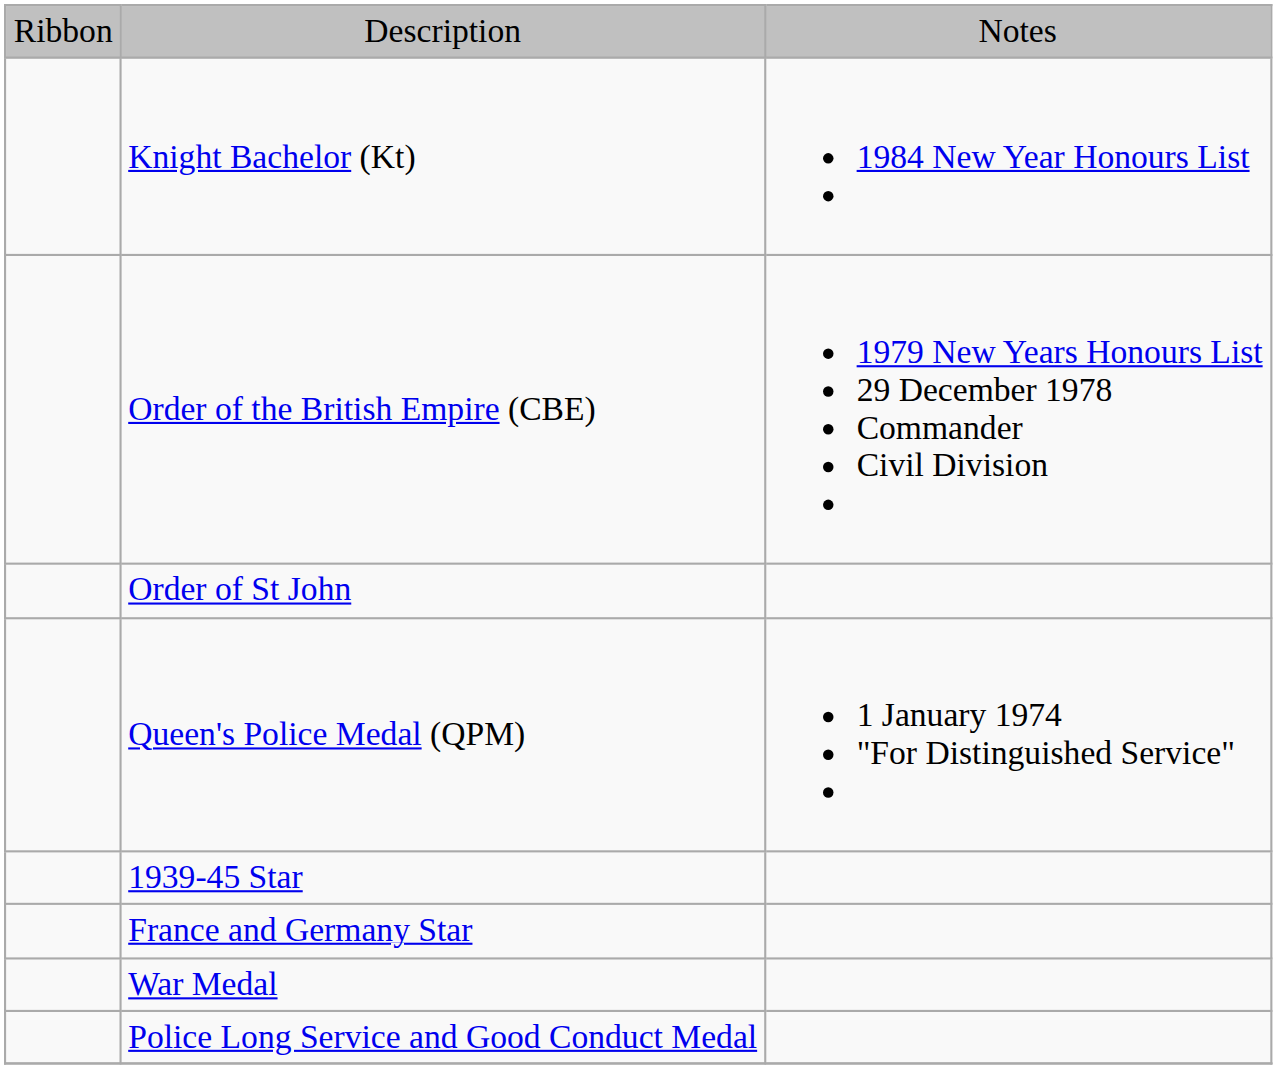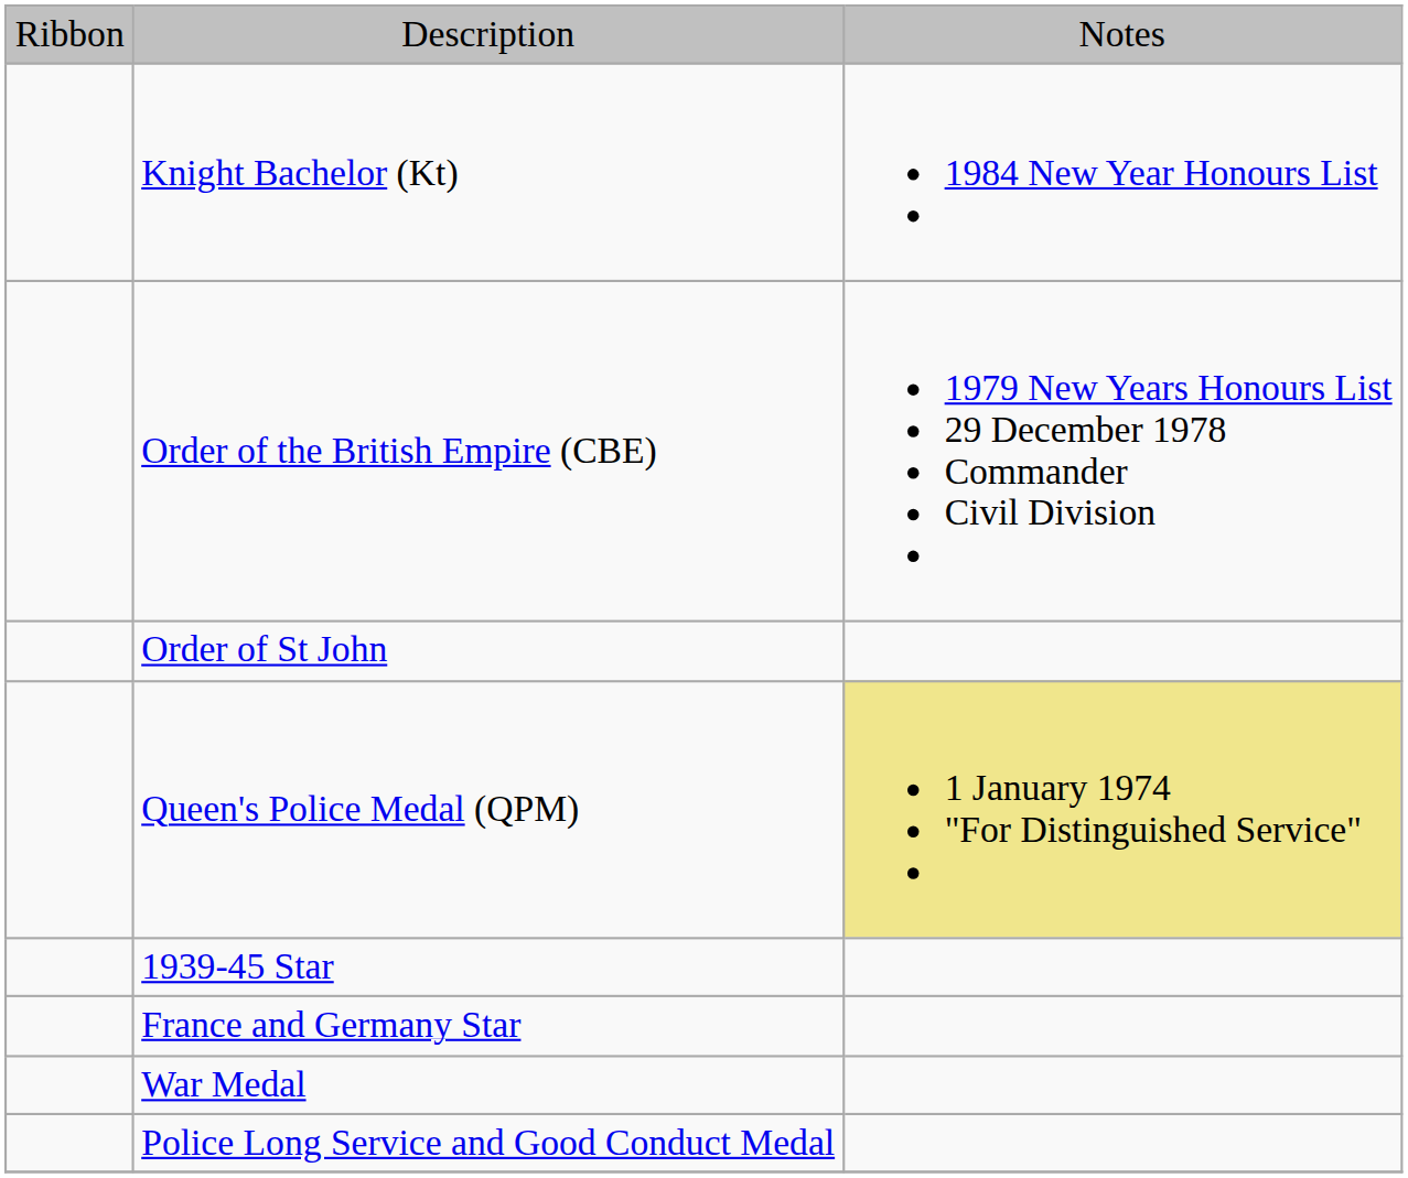 <table class="wikitable" style="margin:1em auto;">
 <tr style="background:silver;" align="center">
 <td>Ribbon</td>
 <td>Description</td>
 <td>Notes</td>
 </tr>
 <tr>
 <td></td>
 <td><a href='#'>Knight Bachelor</a> (Kt)</td>
 <td><br><ul><li><a href='#'>1984 New Year Honours List</a></li><li></li></ul></td>
 </tr>
 <tr>
 <td></td>
 <td><a href='#'>Order of the British Empire</a> (CBE)</td>
 <td><br><ul><li><a href='#'>1979 New Years Honours List</a></li><li>29 December 1978</li><li>Commander</li><li>Civil Division</li><li></li></ul></td>
 </tr>
 <tr>
 <td></td>
 <td><a href='#'>Order of St John</a></td>
 <td></td>
 </tr>
 <tr>
 <td></td>
 <td><a href='#'>Queen's Police Medal</a> (QPM)</td>
-<td><br><ul><li>1 January 1974</li><li>"For Distinguished Service"</li><li></li></ul></td>
+<td style="background: khaki;"><br><ul><li>1 January 1974</li><li>"For Distinguished Service"</li><li></li></ul></td>
 </tr>
 <tr>
 <td></td>
 <td><a href='#'>1939-45 Star</a></td>
 <td></td>
 </tr>
 <tr>
 <td></td>
 <td><a href='#'>France and Germany Star</a></td>
 <td></td>
 </tr>
 <tr>
 <td></td>
 <td><a href='#'>War Medal</a></td>
 <td></td>
 </tr>
 <tr>
 <td></td>
 <td><a href='#'>Police Long Service and Good Conduct Medal</a></td>
 <td></td>
 </tr>
 <tr>
 </tr>
 </table>
